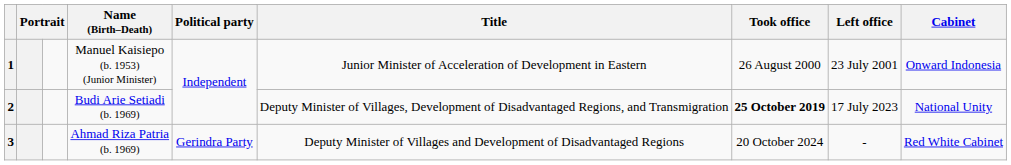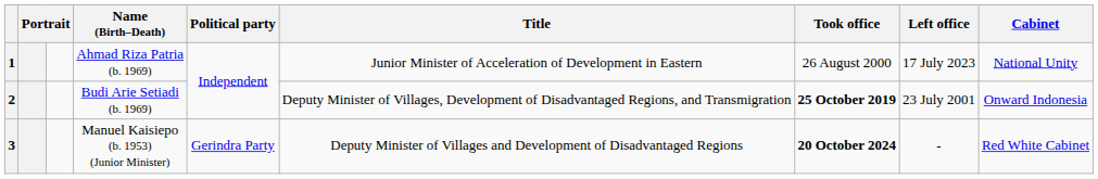 <table class="wikitable" style="text-align:center;">
 <tr>
 <th></th>
 <th colspan=2>Portrait</th>
 <th>Name<br><small>(Birth–Death)</small></th>
 <th>Political party</th>
 <th>Title</th>
 <th>Took office</th>
 <th>Left office</th>
 <th><a href='#'>Cabinet</a></th>
 </tr>
 <tr>
 <th>1</th>
 <th style="background:"></th>
 <td></td>
-<td>Manuel Kaisiepo<br><small>(b. 1953)</small><br><small>(Junior Minister)</small></td>
+<td><a href='#'>Ahmad Riza Patria</a><br><small>(b. 1969)</small></td>
 <td rowspan="2"><a href='#'>Independent</a></td>
 <td>Junior Minister of Acceleration of Development in Eastern</td>
 <td>26 August 2000</td>
-<td>23 July 2001</td>
-<td><a href='#'>Onward Indonesia</a></td>
+<td>17 July 2023</td>
+<td><a href='#'>National Unity</a></td>
 </tr>
 <tr>
 <th>2</th>
 <th style="background:"></th>
 <td></td>
 <td><a href='#'>Budi Arie Setiadi</a><br><small>(b. 1969)</small></td>
 <td>Deputy Minister of Villages, Development of Disadvantaged Regions, and Transmigration</td>
 <td><strong>25 October 2019</strong></td>
-<td>17 July 2023</td>
-<td><a href='#'>National Unity</a></td>
+<td>23 July 2001</td>
+<td><a href='#'>Onward Indonesia</a></td>
 </tr>
 <tr>
 <th>3</th>
 <th style="background:"></th>
 <td></td>
-<td><a href='#'>Ahmad Riza Patria</a><br><small>(b. 1969)</small></td>
+<td>Manuel Kaisiepo<br><small>(b. 1953)</small><br><small>(Junior Minister)</small></td>
 <td><a href='#'>Gerindra Party</a></td>
 <td>Deputy Minister of Villages and Development of Disadvantaged Regions</td>
-<td>20 October 2024</td>
+<td><strong>20 October 2024</strong></td>
 <td>-</td>
 <td><a href='#'>Red White Cabinet</a></td>
 </tr>
 </table>
